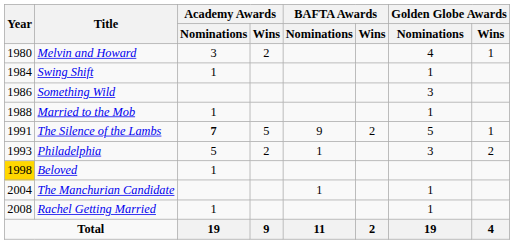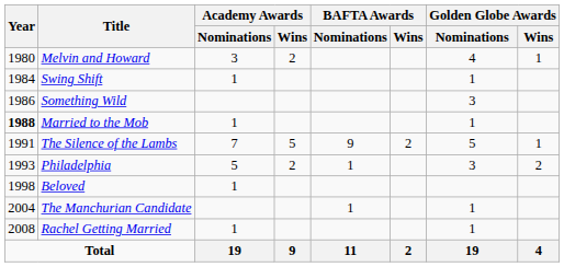 <table class="wikitable sortable">
 <tr>
 <th rowspan="2">Year</th>
 <th rowspan="2">Title</th>
 <th colspan="2" style="text-align:center;">Academy Awards</th>
 <th colspan="2" style="text-align:center;">BAFTA Awards</th>
 <th colspan="2" style="text-align:center;">Golden Globe Awards</th>
 </tr>
 <tr>
 <th>Nominations</th>
 <th>Wins</th>
 <th>Nominations</th>
 <th>Wins</th>
 <th>Nominations</th>
 <th>Wins</th>
 </tr>
 <tr>
 <td>1980</td>
 <td><em><a href='#'>Melvin and Howard</a></em></td>
 <td align=center>3</td>
 <td align=center>2</td>
 <td></td>
 <td></td>
 <td align=center>4</td>
 <td align=center>1</td>
 </tr>
 <tr>
 <td>1984</td>
 <td><em><a href='#'>Swing Shift</a></em></td>
 <td align=center>1</td>
 <td></td>
 <td></td>
 <td></td>
 <td align=center>1</td>
 <td></td>
 </tr>
 <tr>
 <td>1986</td>
 <td><em><a href='#'>Something Wild</a></em></td>
 <td></td>
 <td></td>
 <td></td>
 <td></td>
 <td align=center>3</td>
 <td></td>
 </tr>
 <tr>
-<td>1988</td>
+<td><strong>1988</strong></td>
 <td><em><a href='#'>Married to the Mob</a></em></td>
 <td align=center>1</td>
 <td></td>
 <td></td>
 <td></td>
 <td align=center>1</td>
 <td></td>
 </tr>
 <tr>
 <td>1991</td>
 <td><em><a href='#'>The Silence of the Lambs</a></em></td>
-<td align=center><strong>7</strong></td>
+<td align=center>7</td>
 <td align=center>5</td>
 <td align=center>9</td>
 <td align=center>2</td>
 <td align=center>5</td>
 <td align=center>1</td>
 </tr>
 <tr>
 <td>1993</td>
 <td><em><a href='#'>Philadelphia</a></em></td>
 <td align=center>5</td>
 <td align=center>2</td>
 <td align=center>1</td>
 <td></td>
 <td align=center>3</td>
 <td align=center>2</td>
 </tr>
 <tr>
-<td style="background: gold;">1998</td>
+<td>1998</td>
 <td><em><a href='#'>Beloved</a></em></td>
 <td align=center>1</td>
 <td></td>
 <td></td>
 <td></td>
 <td></td>
 <td></td>
 </tr>
 <tr>
 <td>2004</td>
 <td><em><a href='#'>The Manchurian Candidate</a></em></td>
 <td></td>
 <td></td>
 <td align=center>1</td>
 <td></td>
 <td align=center>1</td>
 <td></td>
 </tr>
 <tr>
 <td>2008</td>
 <td><em><a href='#'>Rachel Getting Married</a></em></td>
 <td align=center>1</td>
 <td></td>
 <td></td>
 <td></td>
 <td align=center>1</td>
 <td></td>
 </tr>
 <tr>
 <td colspan="2" style="text-align:center;"><strong>Total</strong></td>
 <th>19</th>
 <th>9</th>
 <th>11</th>
 <th>2</th>
 <th>19</th>
 <th>4</th>
 </tr>
 </table>
